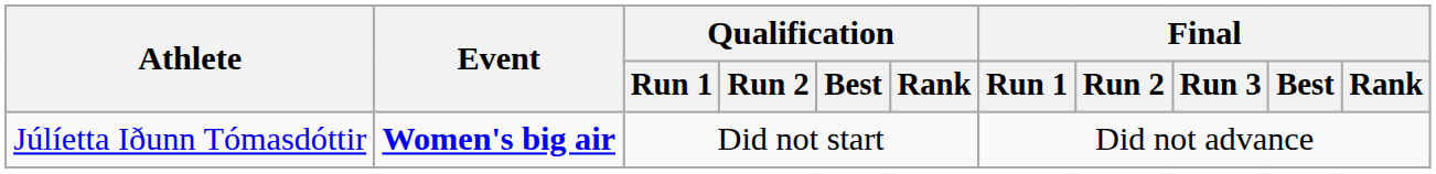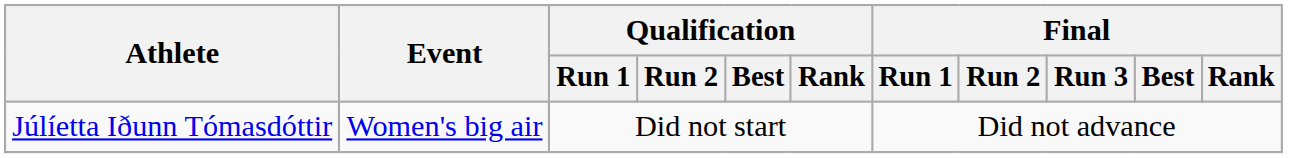 <table class="wikitable" style="font-size:90%">
 <tr>
 <th rowspan=2>Athlete</th>
 <th rowspan=2>Event</th>
 <th colspan=4>Qualification</th>
 <th colspan=5>Final</th>
 </tr>
 <tr style="font-size:95%">
 <th>Run 1</th>
 <th>Run 2</th>
 <th>Best</th>
 <th>Rank</th>
 <th>Run 1</th>
 <th>Run 2</th>
 <th>Run 3</th>
 <th>Best</th>
 <th>Rank</th>
 </tr>
 <tr align=center>
 <td align=left><a href='#'>Júlíetta Iðunn Tómasdóttir</a></td>
-<td align=left><strong><a href='#'>Women's big air</a></strong></td>
+<td align=left><a href='#'>Women's big air</a></td>
 <td colspan=4>Did not start</td>
 <td colspan=5>Did not advance</td>
 </tr>
 </table>
